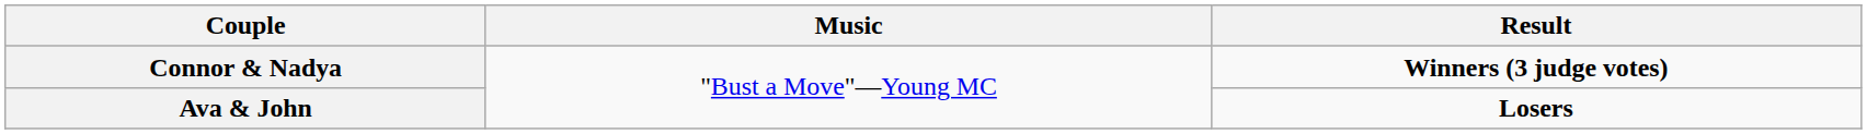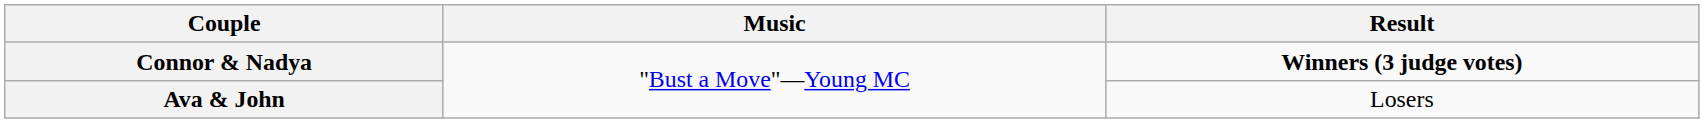 <table class="wikitable sortable" style="text-align:center; width: 90%">
 <tr>
 <th scope="col">Couple</th>
 <th scope="col" class="unsortable">Music</th>
 <th scope="col" class="unsortable">Result</th>
 </tr>
 <tr>
 <th scope="col">Connor & Nadya</th>
 <td rowspan=2>"<a href='#'>Bust a Move</a>"—<a href='#'>Young MC</a></td>
 <td><strong>Winners (3 judge votes)</strong></td>
 </tr>
 <tr>
 <th scope="col">Ava & John</th>
-<td><strong>Losers</strong></td>
+<td>Losers</td>
 </tr>
 </table>
